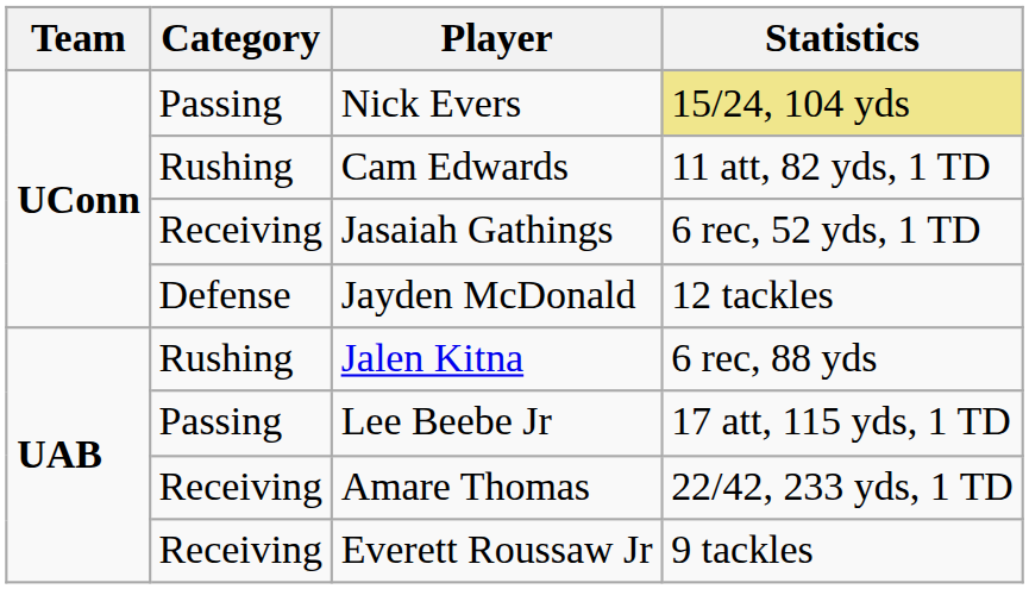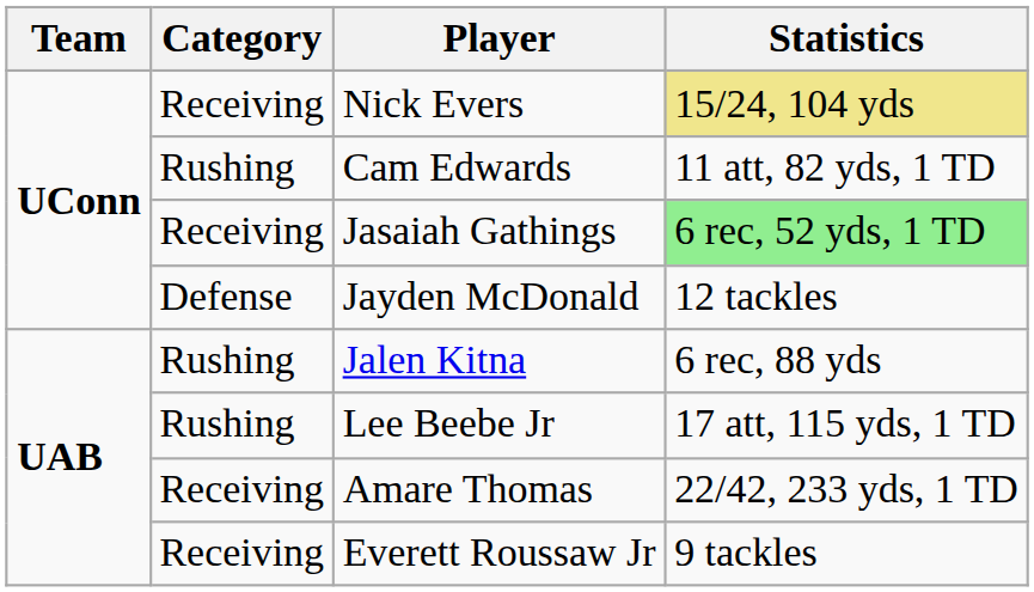 <table class="wikitable" style="float: right;">
 <tr>
 <th>Team</th>
 <th>Category</th>
 <th>Player</th>
 <th>Statistics</th>
 </tr>
 <tr>
 <td rowspan=4><strong>UConn</strong></td>
-<td>Passing</td>
+<td>Receiving</td>
 <td>Nick Evers</td>
 <td style="background: khaki;">15/24, 104 yds</td>
 </tr>
 <tr>
 <td>Rushing</td>
 <td>Cam Edwards</td>
 <td>11 att, 82 yds, 1 TD</td>
 </tr>
 <tr>
 <td>Receiving</td>
 <td>Jasaiah Gathings</td>
-<td>6 rec, 52 yds, 1 TD</td>
+<td style="background: lightgreen;">6 rec, 52 yds, 1 TD</td>
 </tr>
 <tr>
 <td>Defense</td>
 <td>Jayden McDonald</td>
 <td>12 tackles</td>
 </tr>
 <tr>
 <td rowspan=4><strong>UAB</strong></td>
 <td>Rushing</td>
 <td><a href='#'>Jalen Kitna</a></td>
 <td>6 rec, 88 yds</td>
 </tr>
 <tr>
-<td>Passing</td>
+<td>Rushing</td>
 <td>Lee Beebe Jr</td>
 <td>17 att, 115 yds, 1 TD</td>
 </tr>
 <tr>
 <td>Receiving</td>
 <td>Amare Thomas</td>
 <td>22/42, 233 yds, 1 TD</td>
 </tr>
 <tr>
 <td>Receiving</td>
 <td>Everett Roussaw Jr</td>
 <td>9 tackles</td>
 </tr>
 </table>
